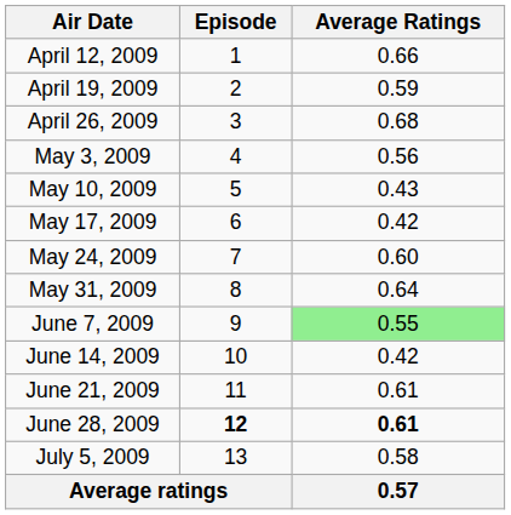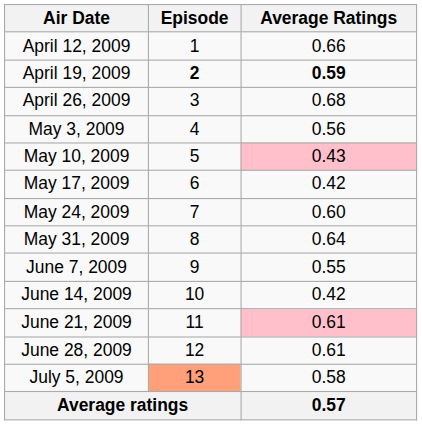 <table class="wikitable" width="30%" style="text-align:center;">
 <tr>
 <th>Air Date</th>
 <th>Episode</th>
 <th>Average Ratings</th>
 </tr>
 <tr>
 <td>April 12, 2009</td>
 <td>1</td>
 <td>0.66</td>
 </tr>
 <tr>
 <td>April 19, 2009</td>
-<td>2</td>
-<td>0.59</td>
+<td><strong>2</strong></td>
+<td><strong>0.59</strong></td>
 </tr>
 <tr>
 <td>April 26, 2009</td>
 <td>3</td>
 <td>0.68</td>
 </tr>
 <tr>
 <td>May 3, 2009</td>
 <td>4</td>
 <td>0.56</td>
 </tr>
 <tr>
 <td>May 10, 2009</td>
 <td>5</td>
-<td>0.43</td>
+<td style="background: pink;">0.43</td>
 </tr>
 <tr>
 <td>May 17, 2009</td>
 <td>6</td>
 <td>0.42</td>
 </tr>
 <tr>
 <td>May 24, 2009</td>
 <td>7</td>
 <td>0.60</td>
 </tr>
 <tr>
 <td>May 31, 2009</td>
 <td>8</td>
 <td>0.64</td>
 </tr>
 <tr>
 <td>June 7, 2009</td>
 <td>9</td>
-<td style="background: lightgreen;">0.55</td>
+<td>0.55</td>
 </tr>
 <tr>
 <td>June 14, 2009</td>
 <td>10</td>
 <td>0.42</td>
 </tr>
 <tr>
 <td>June 21, 2009</td>
 <td>11</td>
+<td style="background: pink;">0.61</td>
+</tr>
+<tr>
+<td>June 28, 2009</td>
+<td>12</td>
 <td>0.61</td>
 </tr>
 <tr>
-<td>June 28, 2009</td>
-<td><strong>12</strong></td>
-<td><strong>0.61</strong></td>
-</tr>
-<tr>
 <td>July 5, 2009</td>
-<td>13</td>
+<td style="background: lightsalmon;">13</td>
 <td>0.58</td>
 </tr>
 <tr>
 <th colspan=2><strong>Average ratings</strong></th>
 <th><strong>0.57</strong></th>
 </tr>
 </table>
